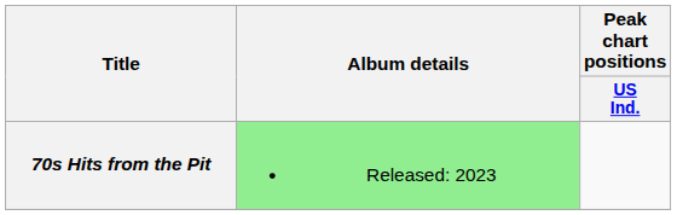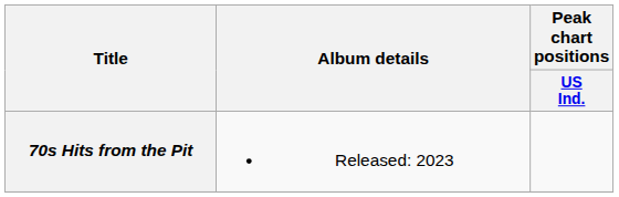 <table class="wikitable plainrowheaders" style="text-align:center;">
 <tr>
 <th scope="col" rowspan="2" style="width:12em;">Title</th>
 <th scope="col" rowspan="2" style="width:18em;">Album details</th>
 <th scope="col" colspan="1">Peak chart positions</th>
 </tr>
 <tr>
 <th scope="col" style="width:3em;font-size:90%;"><a href='#'>US<br>Ind.</a><br></th>
 </tr>
 <tr>
 <th scope="row"><em>70s Hits from the Pit</em></th>
-<td style="background: lightgreen;"><br><ul><li>Released: 2023</li></ul></td>
+<td><br><ul><li>Released: 2023</li></ul></td>
 <td></td>
 </tr>
 <tr>
 </tr>
 </table>
